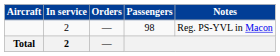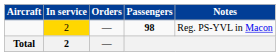 <table class="wikitable" style="text-align:center;margin:auto;">
 <tr>
 <th style="background:#023e96; color:white;">Aircraft</th>
 <th style="background:#023e96; color:white;">In service</th>
 <th style="background:#023e96; color:white;">Orders</th>
 <th style="background:#023e96; color:white;">Passengers</th>
 <th style="background:#023e96; color:white;">Notes</th>
 </tr>
 <tr>
 <td></td>
-<td>2</td>
+<td style="background: gold;">2</td>
 <td>—</td>
-<td>98</td>
+<td><strong>98</strong></td>
 <td>Reg. PS-YVL  in <a href='#'>Macon</a></td>
 </tr>
 <tr>
 <th>Total</th>
 <th>2</th>
 <th>—</th>
 <th colspan=2></th>
 </tr>
 </table>
